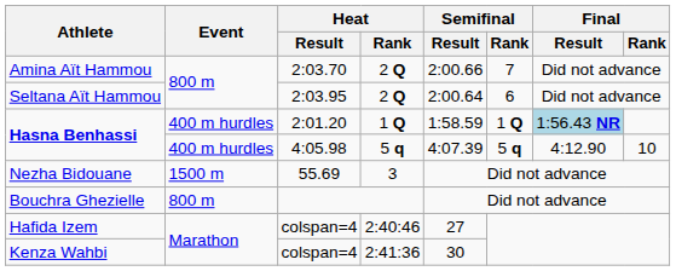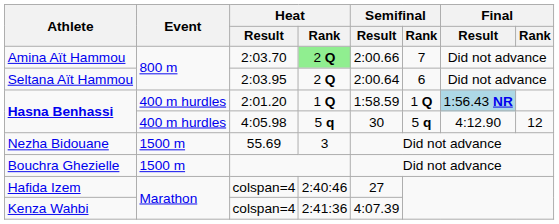 <table class=wikitable style="font-size:90%">
 <tr>
 <th rowspan="2">Athlete</th>
 <th rowspan="2">Event</th>
 <th colspan="2">Heat</th>
 <th colspan="2">Semifinal</th>
 <th colspan="2">Final</th>
 </tr>
 <tr style="font-size:95%">
 <th>Result</th>
 <th>Rank</th>
 <th>Result</th>
 <th>Rank</th>
 <th>Result</th>
 <th>Rank</th>
 </tr>
 <tr align=center>
 <td align=left><a href='#'>Amina Aït Hammou</a></td>
 <td align=left rowspan=2><a href='#'>800 m</a></td>
 <td>2:03.70</td>
-<td>2 <strong>Q</strong></td>
+<td style="background: lightgreen;">2 <strong>Q</strong></td>
 <td>2:00.66</td>
 <td>7</td>
 <td colspan=2>Did not advance</td>
 </tr>
 <tr align=center>
 <td align=left><a href='#'>Seltana Aït Hammou</a></td>
 <td>2:03.95</td>
 <td>2 <strong>Q</strong></td>
 <td>2:00.64</td>
 <td>6</td>
 <td colspan=2>Did not advance</td>
 </tr>
 <tr align=center>
 <td align=left rowspan=2><strong><a href='#'>Hasna Benhassi</a></strong></td>
 <td align=left><a href='#'>400 m hurdles</a></td>
 <td>2:01.20</td>
 <td>1 <strong>Q</strong></td>
 <td>1:58.59</td>
 <td>1 <strong>Q</strong></td>
 <td style="background: lightblue;">1:56.43 <strong><a href='#'>NR</a></strong></td>
 <td></td>
 </tr>
 <tr align=center>
 <td align=left><a href='#'>400 m hurdles</a></td>
 <td>4:05.98</td>
 <td>5 <strong>q</strong></td>
-<td>4:07.39</td>
+<td>30</td>
 <td>5 <strong>q</strong></td>
 <td>4:12.90</td>
-<td>10</td>
+<td>12</td>
 </tr>
 <tr align=center>
 <td align=left><a href='#'>Nezha Bidouane</a></td>
 <td align=left><a href='#'>1500 m</a></td>
 <td>55.69</td>
 <td>3</td>
 <td colspan=4>Did not advance</td>
 </tr>
 <tr align=center>
 <td align=left><a href='#'>Bouchra Ghezielle</a></td>
-<td align=left><a href='#'>800 m</a></td>
+<td align=left><a href='#'>1500 m</a></td>
 <td colspan=2></td>
 <td colspan=4>Did not advance</td>
 </tr>
 <tr align=center>
 <td align=left><a href='#'>Hafida Izem</a></td>
 <td align=left rowspan=2><a href='#'>Marathon</a></td>
 <td>colspan=4 </td>
 <td>2:40:46</td>
 <td>27</td>
 </tr>
 <tr align=center>
 <td align=left><a href='#'>Kenza Wahbi</a></td>
 <td>colspan=4 </td>
 <td>2:41:36</td>
-<td>30</td>
+<td>4:07.39</td>
 </tr>
 </table>
